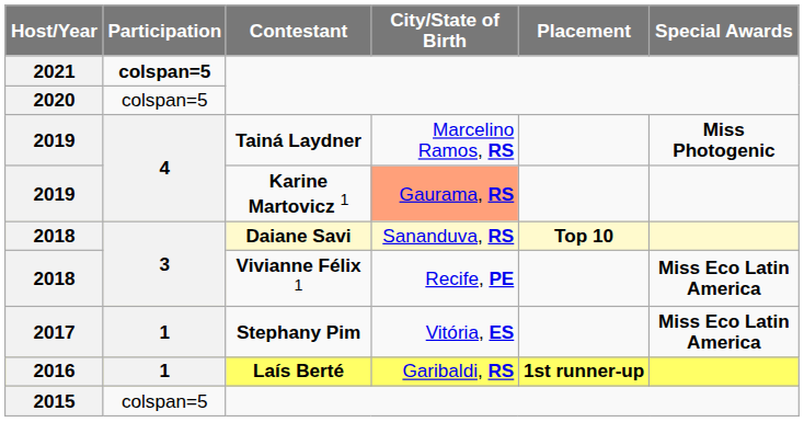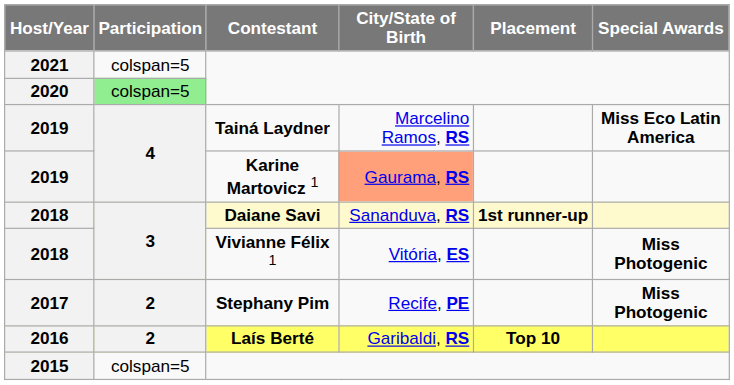 <table class="wikitable sortable" style="font-size: 90%; text-align:center">
 <tr>
 <th width="80" style="background-color:#787878;color:#FFFFFF;">Host/Year</th>
 <th width="80" style="background-color:#787878;color:#FFFFFF;">Participation</th>
 <th width="250" style="background-color:#787878;color:#FFFFFF;">Contestant</th>
 <th width="250" style="background-color:#787878;color:#FFFFFF;">City/State of Birth</th>
 <th width="200" style="background-color:#787878;color:#FFFFFF;">Placement</th>
 <th width="250" style="background-color:#787878;color:#FFFFFF;">Special Awards</th>
 </tr>
 <tr>
 <th>2021</th>
-<td><strong>colspan=5 </strong></td>
+<td>colspan=5 </td>
 </tr>
 <tr>
 <th>2020</th>
-<td>colspan=5 </td>
+<td style="background: lightgreen;">colspan=5 </td>
 </tr>
 <tr>
 <th>2019</th>
 <th rowspan="2">4</th>
 <td><strong>Tainá Laydner</strong></td>
 <td align="right"><a href='#'>Marcelino Ramos</a>, <strong><a href='#'>RS</a></strong></td>
 <td></td>
-<td><strong>Miss Photogenic</strong></td>
+<td><strong>Miss Eco Latin America</strong></td>
 </tr>
 <tr>
 <th>2019</th>
 <td><strong>Karine Martovicz</strong> <sup>1</sup></td>
 <td align="right" style="background: lightsalmon;"><a href='#'>Gaurama</a>, <strong><a href='#'>RS</a></strong></td>
 <td></td>
 <td></td>
 </tr>
 <tr bgcolor="FFFACD">
 <th>2018</th>
 <th rowspan="2">3</th>
 <td><strong>Daiane Savi</strong></td>
 <td align="right"><a href='#'>Sananduva</a>, <strong><a href='#'>RS</a></strong></td>
-<td><strong>Top 10</strong></td>
+<td><strong>1st runner-up</strong></td>
 <td></td>
 </tr>
 <tr>
 <th>2018</th>
 <td><strong>Vivianne Félix</strong> <sup>1</sup></td>
-<td align="right"><a href='#'>Recife</a>, <strong><a href='#'>PE</a></strong></td>
+<td align="right"><a href='#'>Vitória</a>, <strong><a href='#'>ES</a></strong></td>
 <td></td>
-<td><strong>Miss Eco Latin America</strong></td>
+<td><strong>Miss Photogenic</strong></td>
 </tr>
 <tr>
 <th>2017</th>
-<th>1</th>
+<th>2</th>
 <td><strong>Stephany Pim</strong></td>
-<td align="right"><a href='#'>Vitória</a>, <strong><a href='#'>ES</a></strong></td>
+<td align="right"><a href='#'>Recife</a>, <strong><a href='#'>PE</a></strong></td>
 <td></td>
-<td><strong>Miss Eco Latin America</strong></td>
+<td><strong>Miss Photogenic</strong></td>
 </tr>
 <tr bgcolor="FFFF66">
 <th>2016</th>
-<th>1</th>
+<th>2</th>
 <td><strong>Laís Berté</strong></td>
 <td align="right"><a href='#'>Garibaldi</a>, <strong><a href='#'>RS</a></strong></td>
-<td><strong>1st runner-up</strong></td>
+<td><strong>Top 10</strong></td>
 <td></td>
 </tr>
 <tr>
 <th>2015</th>
 <td>colspan=5 </td>
 </tr>
 </table>
